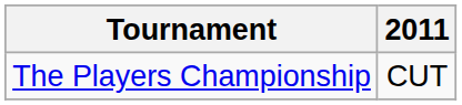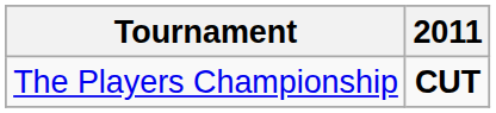 <table class="wikitable" style="font-size:95%;text-align:center;">
 <tr>
 <th>Tournament</th>
 <th>2011</th>
 </tr>
 <tr>
 <td align=left><a href='#'>The Players Championship</a></td>
-<td>CUT</td>
+<td><strong>CUT</strong></td>
 </tr>
 </table>
